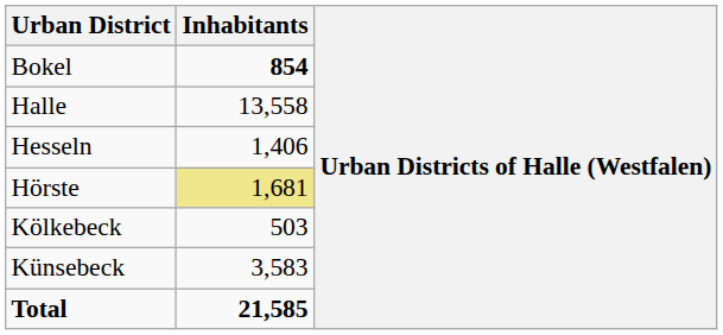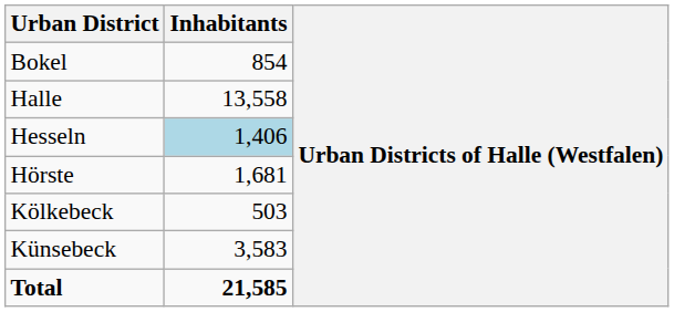 <table class="wikitable">
 <tr>
 <th>Urban District</th>
 <th>Inhabitants</th>
 <th rowspan="8"><strong>Urban Districts of Halle (Westfalen)</strong> </th>
 </tr>
 <tr>
 <td>Bokel</td>
-<td align="right"><strong>854</strong></td>
+<td align="right">854</td>
 </tr>
 <tr>
 <td>Halle</td>
 <td align="right">13,558</td>
 </tr>
 <tr>
 <td>Hesseln</td>
-<td align="right">1,406</td>
+<td align="right" style="background: lightblue;">1,406</td>
 </tr>
 <tr>
 <td>Hörste</td>
-<td align="right" style="background: khaki;">1,681</td>
+<td align="right">1,681</td>
 </tr>
 <tr>
 <td>Kölkebeck</td>
 <td align="right">503</td>
 </tr>
 <tr>
 <td>Künsebeck</td>
 <td align="right">3,583</td>
 </tr>
 <tr>
 <td><strong>Total</strong></td>
 <td align="right"><strong>21,585</strong></td>
 </tr>
 </table>
